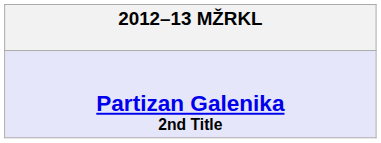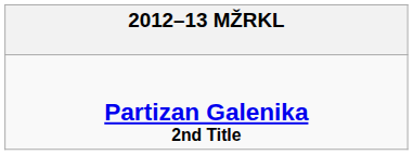 <table class="wikitable" style="margin: 0 auto; width: 30%;">
 <tr>
 <th><big>2012–13 MŽRKL</big><br><br></th>
 </tr>
 <tr>
-<td align=center style="background: lavender;"><br><br><big><big><strong><a href='#'>Partizan Galenika</a></strong><br></big></big><strong>2nd Title</strong></td>
+<td align=center><br><br><big><big><strong><a href='#'>Partizan Galenika</a></strong><br></big></big><strong>2nd Title</strong></td>
 </tr>
 </table>
